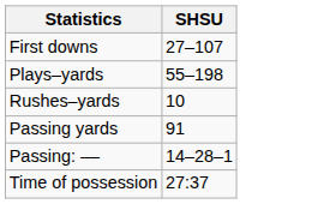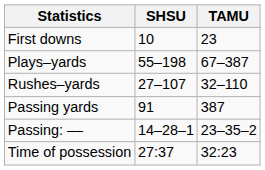 <table class="wikitable" style="float:left">
 <tr>
 <th>Statistics</th>
 <th>SHSU</th>
+<th>TAMU</th>
 </tr>
 <tr>
 <td>First downs</td>
-<td>27–107</td>
+<td>10</td>
+<td>23</td>
 </tr>
 <tr>
 <td>Plays–yards</td>
 <td>55–198</td>
+<td>67–387</td>
 </tr>
 <tr>
 <td>Rushes–yards</td>
-<td>10</td>
+<td>27–107</td>
+<td>32–110</td>
 </tr>
 <tr>
 <td>Passing yards</td>
 <td>91</td>
+<td>387</td>
 </tr>
 <tr>
 <td>Passing: ––</td>
 <td>14–28–1</td>
+<td>23–35–2</td>
 </tr>
 <tr>
 <td>Time of possession</td>
 <td>27:37</td>
+<td>32:23</td>
 </tr>
 </table>
